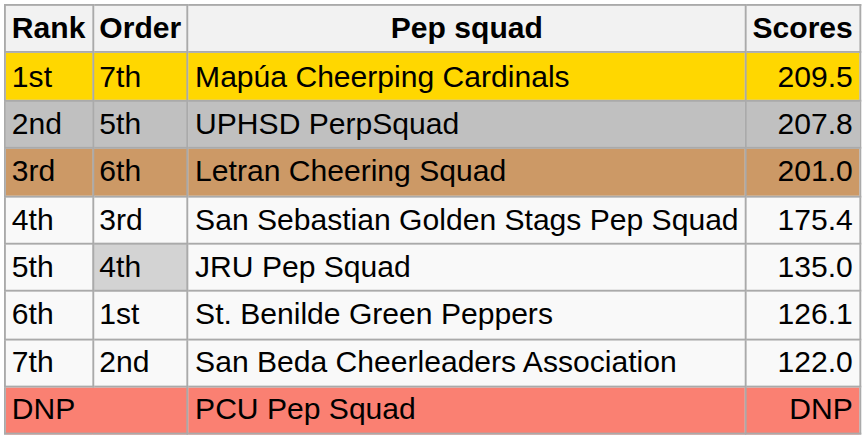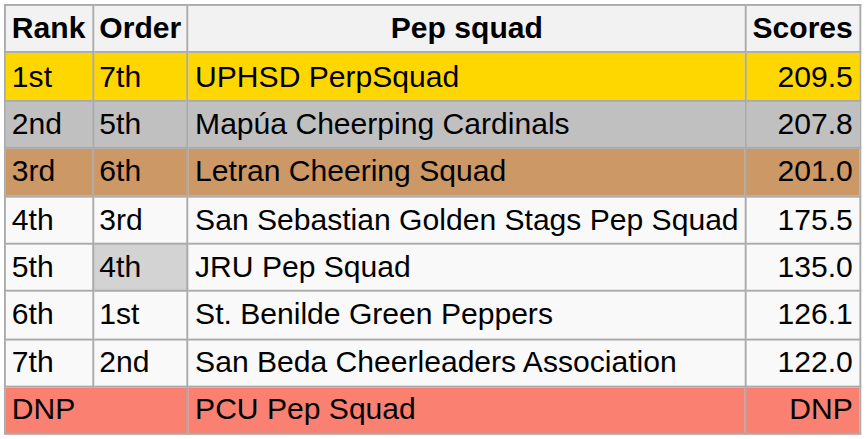 <table class="wikitable">
 <tr>
 <th>Rank</th>
 <th>Order</th>
 <th>Pep squad</th>
 <th>Scores</th>
 </tr>
 <tr bgcolor=gold>
 <td>1st</td>
 <td>7th</td>
-<td>Mapúa Cheerping Cardinals</td>
+<td>UPHSD PerpSquad</td>
 <td align=right>209.5</td>
 </tr>
 <tr bgcolor=silver>
 <td>2nd</td>
 <td>5th</td>
-<td>UPHSD PerpSquad</td>
+<td>Mapúa Cheerping Cardinals</td>
 <td align=right>207.8</td>
 </tr>
 <tr bgcolor=cc9966>
 <td>3rd</td>
 <td>6th</td>
 <td>Letran Cheering Squad</td>
 <td align=right>201.0</td>
 </tr>
 <tr>
 <td>4th</td>
 <td>3rd</td>
 <td>San Sebastian Golden Stags Pep Squad</td>
-<td align=right>175.4</td>
+<td align=right>175.5</td>
 </tr>
 <tr>
 <td>5th</td>
 <td style="background: lightgrey;">4th</td>
 <td>JRU Pep Squad</td>
 <td align=right>135.0</td>
 </tr>
 <tr>
 <td>6th</td>
 <td>1st</td>
 <td>St. Benilde Green Peppers</td>
 <td align=right>126.1</td>
 </tr>
 <tr>
 <td>7th</td>
 <td>2nd</td>
 <td>San Beda Cheerleaders Association</td>
 <td align=right>122.0</td>
 </tr>
 <tr bgcolor="#fa8072">
 <td colspan=2>DNP</td>
 <td>PCU Pep Squad</td>
 <td align=right>DNP</td>
 </tr>
 </table>
